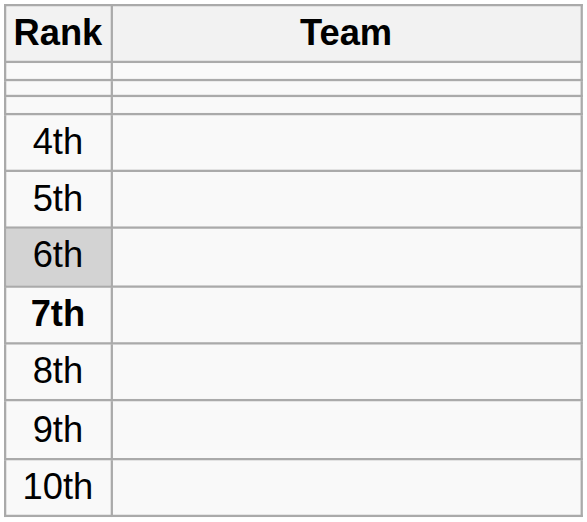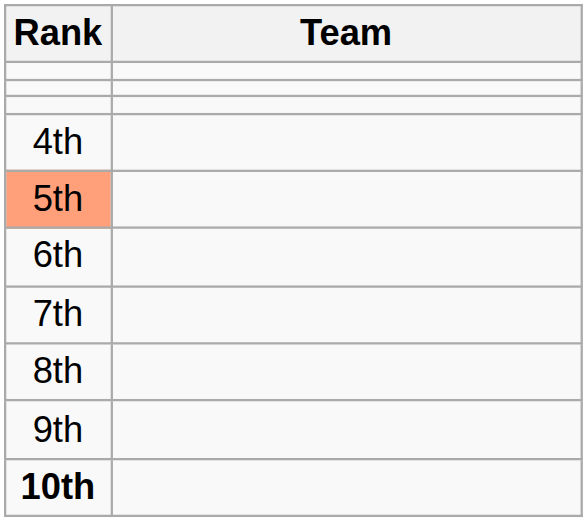 <table class=wikitable style="text-align:center;">
 <tr>
 <th>Rank</th>
 <th width=200>Team</th>
 </tr>
 <tr>
 <td></td>
 <td align=left></td>
 </tr>
 <tr>
 <td></td>
 <td align=left></td>
 </tr>
 <tr>
 <td></td>
 <td align=left></td>
 </tr>
 <tr>
 <td>4th</td>
 <td align=left></td>
 </tr>
 <tr>
-<td>5th</td>
+<td style="background: lightsalmon;">5th</td>
 <td align=left></td>
 </tr>
 <tr>
-<td style="background: lightgrey;">6th</td>
+<td>6th</td>
 <td align=left></td>
 </tr>
 <tr>
-<td><strong>7th</strong></td>
+<td>7th</td>
 <td align=left></td>
 </tr>
 <tr>
 <td>8th</td>
 <td align=left></td>
 </tr>
 <tr>
 <td>9th</td>
 <td align=left></td>
 </tr>
 <tr>
-<td>10th</td>
+<td><strong>10th</strong></td>
 <td align=left></td>
 </tr>
 </table>
